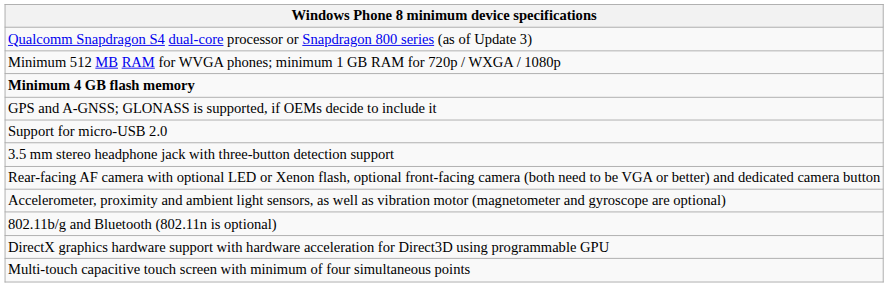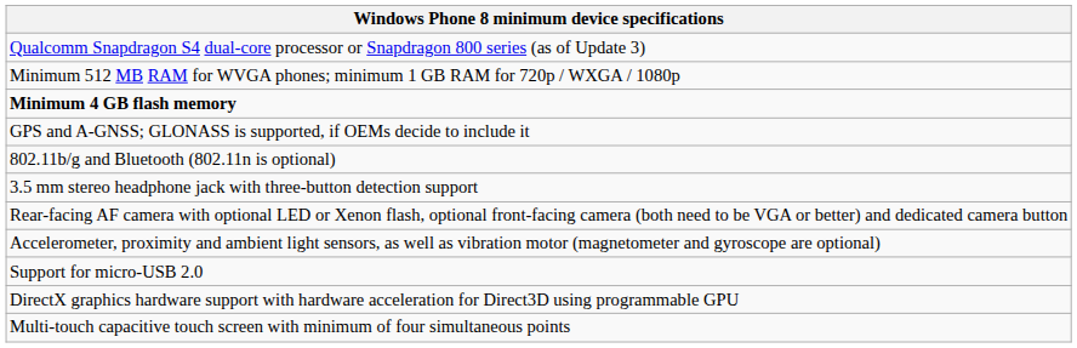 <table class="wikitable" style="margin:auto;">
 <tr>
 <th>Windows Phone 8 minimum device specifications</th>
 </tr>
 <tr>
 <td><a href='#'>Qualcomm Snapdragon S4</a> <a href='#'>dual-core</a> processor or <a href='#'>Snapdragon 800 series</a> (as of Update 3)</td>
 </tr>
 <tr>
 <td>Minimum 512 <a href='#'>MB</a> <a href='#'>RAM</a> for WVGA phones; minimum 1 GB RAM for 720p / WXGA / 1080p</td>
 </tr>
 <tr>
 <td><strong>Minimum 4 GB flash memory</strong></td>
 </tr>
 <tr>
 <td>GPS and A-GNSS; GLONASS is supported, if OEMs decide to include it</td>
 </tr>
 <tr>
-<td>Support for micro-USB 2.0</td>
+<td>802.11b/g and Bluetooth (802.11n is optional)</td>
 </tr>
 <tr>
 <td>3.5 mm stereo headphone jack with three-button detection support</td>
 </tr>
 <tr>
 <td>Rear-facing AF camera with optional LED or Xenon flash, optional front-facing camera (both need to be VGA or better) and dedicated camera button</td>
 </tr>
 <tr>
 <td>Accelerometer, proximity and ambient light sensors, as well as vibration motor (magnetometer and gyroscope are optional)</td>
 </tr>
 <tr>
-<td>802.11b/g and Bluetooth (802.11n is optional)</td>
+<td>Support for micro-USB 2.0</td>
 </tr>
 <tr>
 <td>DirectX graphics hardware support with hardware acceleration for Direct3D using programmable GPU</td>
 </tr>
 <tr>
 <td>Multi-touch capacitive touch screen with minimum of four simultaneous points</td>
 </tr>
 </table>
